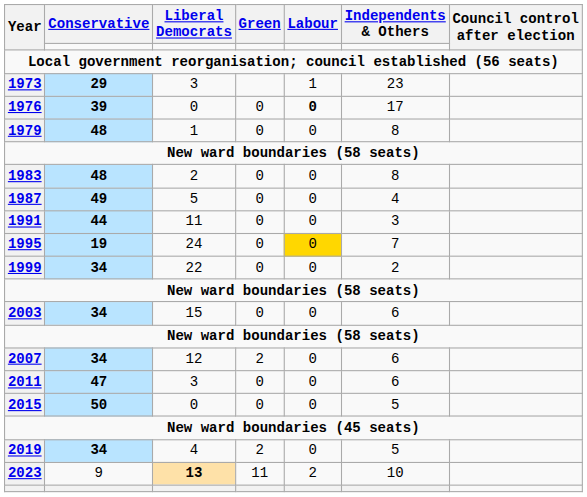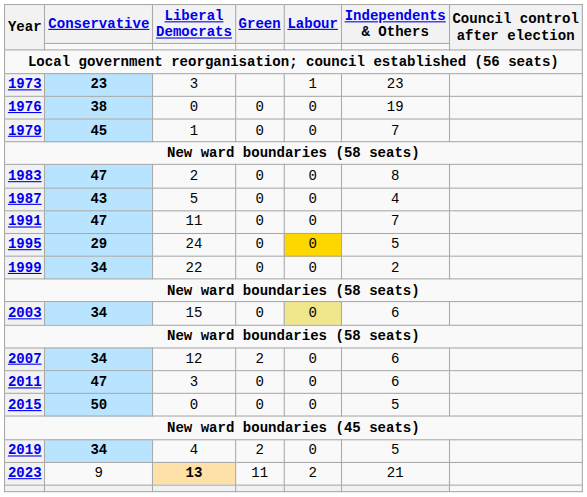 <table class="wikitable plainrowheaders" style="text-align:center">
 <tr>
 <th scope="col" rowspan="2">Year</th>
 <th scope="col"><a href='#'>Conservative</a></th>
 <th scope="col" style="width:1px"><a href='#'>Liberal Democrats</a></th>
 <th scope="col"><a href='#'>Green</a></th>
 <th scope="col"><a href='#'>Labour</a></th>
 <th scope="col"><a href='#'>Independents</a><br>& Others</th>
 <th scope="col" rowspan="2" colspan="2">Council control<br>after election</th>
 </tr>
 <tr>
 <td style="background:"></td>
 <td style="background:"></td>
 <td style="background:"></td>
 <td style="background:"></td>
 <td style="background:"></td>
 </tr>
 <tr>
 <td colspan="9"><strong>Local government reorganisation; council established (56 seats)</strong></td>
 </tr>
 <tr>
 <th scope="row"><a href='#'>1973</a></th>
-<td style="background:#B9E4FF;"><strong>29</strong></td>
+<td style="background:#B9E4FF;"><strong>23</strong></td>
 <td>3</td>
 <td></td>
 <td>1</td>
 <td>23</td>
 <td></td>
 </tr>
 <tr>
 <th scope="row"><a href='#'>1976</a></th>
-<td style="background:#B9E4FF;"><strong>39</strong></td>
+<td style="background:#B9E4FF;"><strong>38</strong></td>
 <td>0</td>
 <td>0</td>
-<td><strong>0</strong></td>
-<td>17</td>
+<td>0</td>
+<td>19</td>
 <td></td>
 </tr>
 <tr>
 <th scope="row"><a href='#'>1979</a></th>
-<td style="background:#B9E4FF;"><strong>48</strong></td>
+<td style="background:#B9E4FF;"><strong>45</strong></td>
 <td>1</td>
 <td>0</td>
 <td>0</td>
-<td>8</td>
+<td>7</td>
 <td></td>
 </tr>
 <tr>
 <td colspan="9"><strong>New ward boundaries (58 seats)</strong></td>
 </tr>
 <tr>
 <th scope="row"><a href='#'>1983</a></th>
-<td style="background:#B9E4FF;"><strong>48</strong></td>
+<td style="background:#B9E4FF;"><strong>47</strong></td>
 <td>2</td>
 <td>0</td>
 <td>0</td>
 <td>8</td>
 <td></td>
 </tr>
 <tr>
 <th scope="row"><a href='#'>1987</a></th>
-<td style="background:#B9E4FF;"><strong>49</strong></td>
+<td style="background:#B9E4FF;"><strong>43</strong></td>
 <td>5</td>
 <td>0</td>
 <td>0</td>
 <td>4</td>
 <td></td>
 </tr>
 <tr>
 <th scope="row"><a href='#'>1991</a></th>
-<td style="background:#B9E4FF;"><strong>44</strong></td>
+<td style="background:#B9E4FF;"><strong>47</strong></td>
 <td>11</td>
 <td>0</td>
 <td>0</td>
-<td>3</td>
+<td>7</td>
 <td></td>
 </tr>
 <tr>
 <th scope="row"><a href='#'>1995</a></th>
-<td style="background:#B9E4FF;"><strong>19</strong></td>
+<td style="background:#B9E4FF;"><strong>29</strong></td>
 <td>24</td>
 <td>0</td>
 <td style="background: gold;">0</td>
-<td>7</td>
+<td>5</td>
 <td></td>
 </tr>
 <tr>
 <th scope="row"><a href='#'>1999</a></th>
 <td style="background:#B9E4FF;"><strong>34</strong></td>
 <td>22</td>
 <td>0</td>
 <td>0</td>
 <td>2</td>
 <td></td>
 </tr>
 <tr>
 <td colspan="9"><strong>New ward boundaries (58 seats)</strong></td>
 </tr>
 <tr>
 <th scope="row"><a href='#'>2003</a></th>
 <td style="background:#B9E4FF;"><strong>34</strong></td>
 <td>15</td>
 <td>0</td>
-<td>0</td>
+<td style="background: khaki;">0</td>
 <td>6</td>
 <td></td>
 </tr>
 <tr>
 <td colspan="9"><strong>New ward boundaries (58 seats)</strong></td>
 </tr>
 <tr>
 <th scope="row"><a href='#'>2007</a></th>
 <td style="background:#B9E4FF;"><strong>34</strong></td>
 <td>12</td>
 <td>2</td>
 <td>0</td>
 <td>6</td>
 <td></td>
 </tr>
 <tr>
 <th scope="row"><a href='#'>2011</a></th>
 <td style="background:#B9E4FF;"><strong>47</strong></td>
 <td>3</td>
 <td>0</td>
 <td>0</td>
 <td>6</td>
 <td></td>
 </tr>
 <tr>
 <th scope="row"><a href='#'>2015</a></th>
 <td style="background:#B9E4FF;"><strong>50</strong></td>
 <td>0</td>
 <td>0</td>
 <td>0</td>
 <td>5</td>
 <td></td>
 </tr>
 <tr>
 <td colspan="9"><strong>New ward boundaries (45 seats)</strong></td>
 </tr>
 <tr>
 <th scope="row"><a href='#'>2019</a></th>
 <td style="background:#B9E4FF;"><strong>34</strong></td>
 <td>4</td>
 <td>2</td>
 <td>0</td>
 <td>5</td>
 <td></td>
 </tr>
 <tr>
 <th scope="row"><a href='#'>2023</a></th>
 <td>9</td>
 <td style="background:#FEE1A8"><strong>13</strong></td>
 <td>11</td>
 <td>2</td>
-<td>10</td>
+<td>21</td>
 <td></td>
 </tr>
 <tr>
 <th></th>
 <th style="background-color: "></th>
 <th style="background-color: "></th>
 <th style="background-color: "></th>
 <th style="background-color: "></th>
 <th style="background-color: "></th>
 </tr>
 </table>
